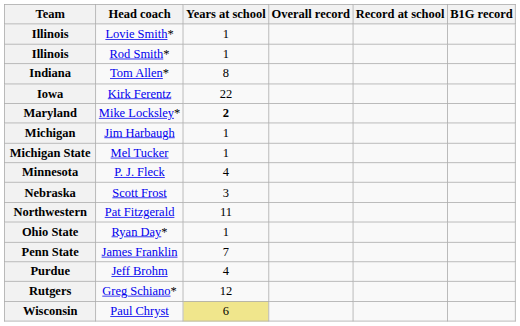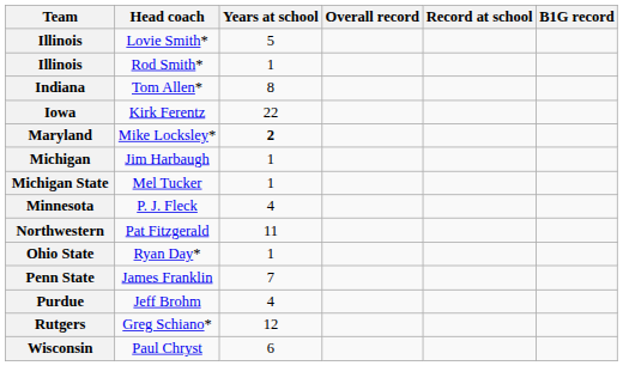 <table class="wikitable sortable" style="text-align: center;">
 <tr>
 <th width="110">Team</th>
 <th>Head coach</th>
 <th>Years at school</th>
 <th>Overall record</th>
 <th>Record at school</th>
 <th>B1G record</th>
 </tr>
 <tr>
 <th>Illinois</th>
 <td><a href='#'>Lovie Smith</a>*</td>
-<td>1</td>
+<td>5</td>
 <td data-sort-value=></td>
 <td data-sort-value=></td>
 <td data-sort-value=></td>
 </tr>
 <tr>
 <th>Illinois</th>
 <td><a href='#'>Rod Smith</a>*</td>
 <td>1</td>
 <td data-sort-value=></td>
 <td data-sort-value=></td>
 <td data-sort-value=></td>
 </tr>
 <tr>
 <th>Indiana</th>
 <td><a href='#'>Tom Allen</a>*</td>
 <td>8</td>
 <td data-sort-value=></td>
 <td data-sort-value=></td>
 <td data-sort-value=></td>
 </tr>
 <tr>
 <th>Iowa</th>
 <td><a href='#'>Kirk Ferentz</a></td>
 <td>22</td>
 <td data-sort-value=></td>
 <td data-sort-value=></td>
 <td data-sort-value=></td>
 </tr>
 <tr>
 <th>Maryland</th>
 <td><a href='#'>Mike Locksley</a>*</td>
 <td><strong>2</strong></td>
 <td data-sort-value=></td>
 <td data-sort-value=></td>
 <td data-sort-value=></td>
 </tr>
 <tr>
 <th>Michigan</th>
 <td><a href='#'>Jim Harbaugh</a></td>
 <td>1</td>
 <td data-sort-value=></td>
 <td data-sort-value=></td>
 <td data-sort-value=></td>
 </tr>
 <tr>
 <th>Michigan State</th>
 <td><a href='#'>Mel Tucker</a></td>
 <td>1</td>
 <td data-sort-value=></td>
 <td data-sort-value=></td>
 <td data-sort-value=></td>
 </tr>
 <tr>
 <th>Minnesota</th>
 <td><a href='#'>P. J. Fleck</a></td>
 <td>4</td>
 <td data-sort-value=></td>
 <td data-sort-value=></td>
 <td data-sort-value=></td>
 </tr>
 <tr>
-<th>Nebraska</th>
-<td><a href='#'>Scott Frost</a></td>
-<td>3</td>
-<td data-sort-value=></td>
-<td data-sort-value=></td>
-<td data-sort-value=></td>
-</tr>
-<tr>
 <th>Northwestern</th>
 <td><a href='#'>Pat Fitzgerald</a></td>
 <td>11</td>
 <td data-sort-value=></td>
 <td data-sort-value=></td>
 <td data-sort-value=></td>
 </tr>
 <tr>
 <th>Ohio State</th>
 <td><a href='#'>Ryan Day</a>*</td>
 <td>1</td>
 <td data-sort-value=></td>
 <td data-sort-value=></td>
 <td data-sort-value=></td>
 </tr>
 <tr>
 <th>Penn State</th>
 <td><a href='#'>James Franklin</a></td>
 <td>7</td>
 <td data-sort-value=></td>
 <td data-sort-value=></td>
 <td data-sort-value=></td>
 </tr>
 <tr>
 <th>Purdue</th>
 <td><a href='#'>Jeff Brohm</a></td>
 <td>4</td>
 <td data-sort-value=></td>
 <td data-sort-value=></td>
 <td data-sort-value=></td>
 </tr>
 <tr>
 <th>Rutgers</th>
 <td><a href='#'>Greg Schiano</a>*</td>
 <td>12</td>
 <td data-sort-value=></td>
 <td data-sort-value=></td>
 <td data-sort-value=></td>
 </tr>
 <tr>
 <th>Wisconsin</th>
 <td><a href='#'>Paul Chryst</a></td>
-<td style="background: khaki;">6</td>
+<td>6</td>
 <td data-sort-value=></td>
 <td data-sort-value=></td>
 <td data-sort-value=></td>
 </tr>
 </table>
